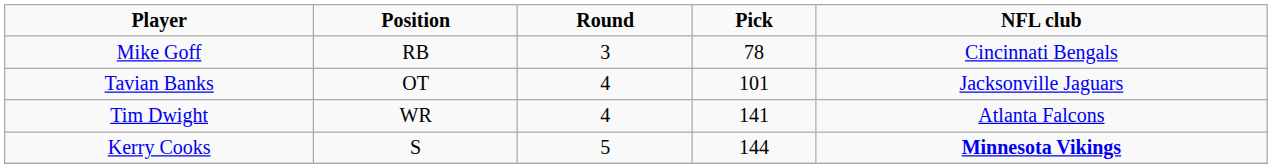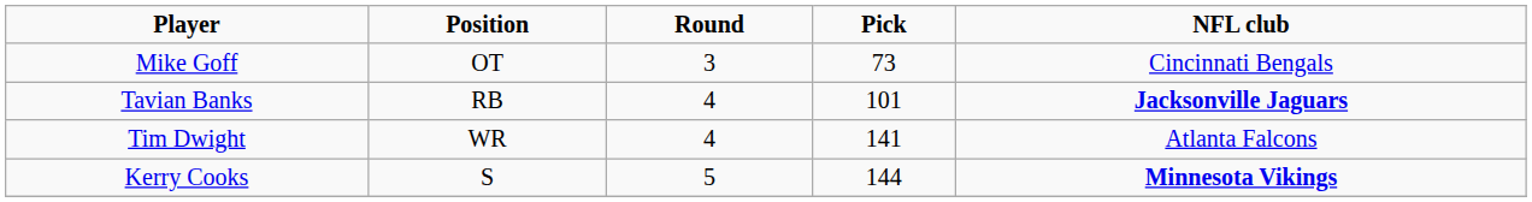 <table class="wikitable" width="80%">
 <tr align="center">
 <td><strong>Player</strong></td>
 <td><strong>Position</strong></td>
 <td><strong>Round</strong></td>
 <td><strong>Pick</strong></td>
 <td><strong>NFL club</strong></td>
 </tr>
 <tr align="center" bgcolor="">
 <td><a href='#'>Mike Goff</a></td>
-<td>RB</td>
+<td>OT</td>
 <td>3</td>
-<td>78</td>
+<td>73</td>
 <td><a href='#'>Cincinnati Bengals</a></td>
 </tr>
 <tr align="center" bgcolor="">
 <td><a href='#'>Tavian Banks</a></td>
-<td>OT</td>
+<td>RB</td>
 <td>4</td>
 <td>101</td>
-<td><a href='#'>Jacksonville Jaguars</a></td>
+<td><strong><a href='#'>Jacksonville Jaguars</a></strong></td>
 </tr>
 <tr align="center" bgcolor="">
 <td><a href='#'>Tim Dwight</a></td>
 <td>WR</td>
 <td>4</td>
 <td>141</td>
 <td><a href='#'>Atlanta Falcons</a></td>
 </tr>
 <tr align="center" bgcolor="">
 <td><a href='#'>Kerry Cooks</a></td>
 <td>S</td>
 <td>5</td>
 <td>144</td>
 <td><strong><a href='#'>Minnesota Vikings</a></strong></td>
 </tr>
 <tr align="center" bgcolor="">
 </tr>
 </table>
